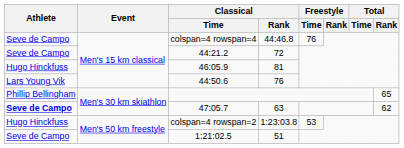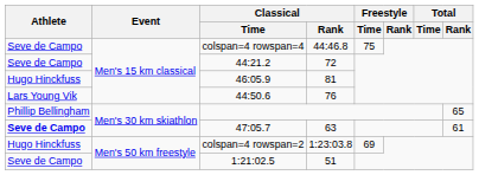 <table class=wikitable style=font-size:90%;text-align:center>
 <tr>
 <th rowspan=2>Athlete</th>
 <th rowspan=2>Event</th>
 <th colspan=2>Classical</th>
 <th colspan=2>Freestyle</th>
 <th colspan=2>Total</th>
 </tr>
 <tr style=ont-size:95%>
 <th>Time</th>
 <th>Rank</th>
 <th>Time</th>
 <th>Rank</th>
 <th>Time</th>
 <th>Rank</th>
 </tr>
 <tr>
 <td align=left><a href='#'>Seve de Campo</a></td>
 <td align=left rowspan=4><a href='#'>Men's 15 km classical</a></td>
 <td>colspan=4 rowspan=4 </td>
 <td>44:46.8</td>
-<td>76</td>
+<td>75</td>
 </tr>
 <tr>
 <td align=left><a href='#'>Seve de Campo</a></td>
 <td>44:21.2</td>
 <td>72</td>
 </tr>
 <tr>
 <td align=left><a href='#'>Hugo Hinckfuss</a></td>
 <td>46:05.9</td>
 <td>81</td>
 </tr>
 <tr>
 <td align=left><a href='#'>Lars Young Vik</a></td>
 <td>44:50.6</td>
 <td>76</td>
 </tr>
 <tr>
 <td align=left><a href='#'>Phillip Bellingham</a></td>
 <td align=left rowspan=2><a href='#'>Men's 30 km skiathlon</a></td>
 <td colspan=5></td>
 <td>65</td>
 </tr>
 <tr>
 <td align=left><strong><a href='#'>Seve de Campo</a></strong></td>
 <td>47:05.7</td>
 <td>63</td>
 <td colspan=3></td>
-<td>62</td>
+<td>61</td>
 </tr>
 <tr>
 <td align=left><a href='#'>Hugo Hinckfuss</a></td>
 <td align=left rowspan=2><a href='#'>Men's 50 km freestyle</a></td>
 <td>colspan=4 rowspan=2 </td>
 <td>1:23:03.8</td>
-<td>53</td>
+<td>69</td>
 </tr>
 <tr>
 <td align=left><a href='#'>Seve de Campo</a></td>
 <td>1:21:02.5</td>
 <td>51</td>
 </tr>
 </table>
